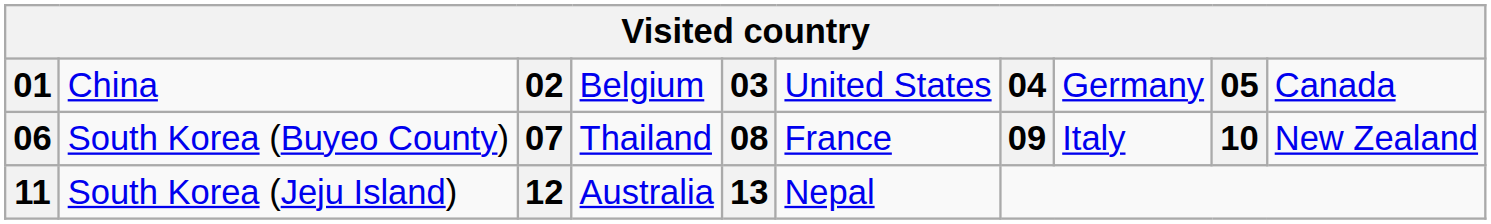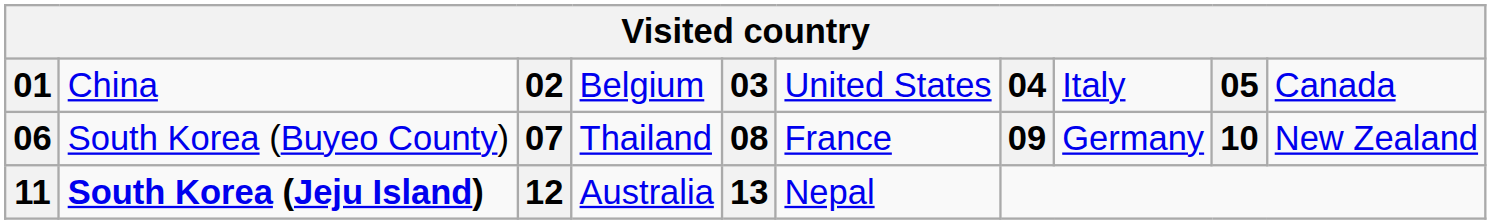 <table class="wikitable" style="font-size: 93%;">
 <tr>
 <th colspan="12">Visited country</th>
 </tr>
 <tr>
 <th>01</th>
 <td><a href='#'>China</a></td>
 <th>02</th>
 <td><a href='#'>Belgium</a></td>
 <th>03</th>
 <td><a href='#'>United States</a></td>
 <th>04</th>
-<td><a href='#'>Germany</a></td>
+<td><a href='#'>Italy</a></td>
 <th>05</th>
 <td><a href='#'>Canada</a></td>
 </tr>
 <tr>
 <th>06</th>
 <td><a href='#'>South Korea</a> (<a href='#'>Buyeo County</a>)</td>
 <th>07</th>
 <td><a href='#'>Thailand</a></td>
 <th>08</th>
 <td><a href='#'>France</a></td>
 <th>09</th>
-<td><a href='#'>Italy</a></td>
+<td><a href='#'>Germany</a></td>
 <th>10</th>
 <td><a href='#'>New Zealand</a></td>
 </tr>
 <tr>
 <th>11</th>
-<td><a href='#'>South Korea</a> (<a href='#'>Jeju Island</a>)</td>
+<td><strong><a href='#'>South Korea</a> (<a href='#'>Jeju Island</a>)</strong></td>
 <th>12</th>
 <td><a href='#'>Australia</a></td>
 <th>13</th>
 <td><a href='#'>Nepal</a></td>
 </tr>
 </table>
